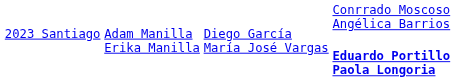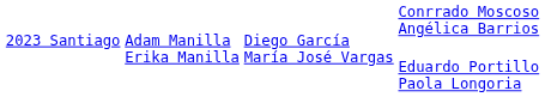 <table>
 <tr>
 <td rowspan=2><a href='#'>2023 Santiago</a><br></td>
 <td rowspan=2><br><a href='#'>Adam Manilla</a><br><a href='#'>Erika Manilla</a></td>
 <td rowspan=2><br><a href='#'>Diego García</a><br><a href='#'>María José Vargas</a></td>
 <td><br><a href='#'>Conrrado Moscoso</a><br><a href='#'>Angélica Barrios</a></td>
 </tr>
 <tr>
-<td><strong><br><a href='#'>Eduardo Portillo</a><br><a href='#'>Paola Longoria</a></strong></td>
+<td><br><a href='#'>Eduardo Portillo</a><br><a href='#'>Paola Longoria</a></td>
 </tr>
 <tr>
 </tr>
 </table>
